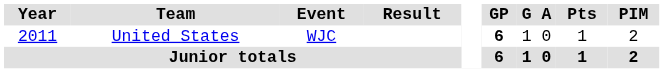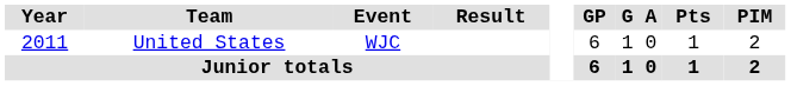 <table border="0" cellpadding="1" cellspacing="0" style="text-align:center; width:40em">
 <tr ALIGN="center" bgcolor="#e0e0e0">
 <th>Year</th>
 <th>Team</th>
 <th>Event</th>
 <th>Result</th>
 <th rowspan="99" bgcolor="#ffffff"> </th>
 <th>GP</th>
 <th>G</th>
 <th>A</th>
 <th>Pts</th>
 <th>PIM</th>
 </tr>
 <tr>
 <td><a href='#'>2011</a></td>
 <td><a href='#'>United States</a></td>
 <td><a href='#'>WJC</a></td>
 <td></td>
-<td><strong>6</strong></td>
+<td>6</td>
 <td>1</td>
 <td>0</td>
 <td>1</td>
 <td>2</td>
 </tr>
 <tr bgcolor="#e0e0e0">
 <th colspan="4">Junior totals</th>
 <th>6</th>
 <th>1</th>
 <th>0</th>
 <th>1</th>
 <th>2</th>
 </tr>
 </table>
